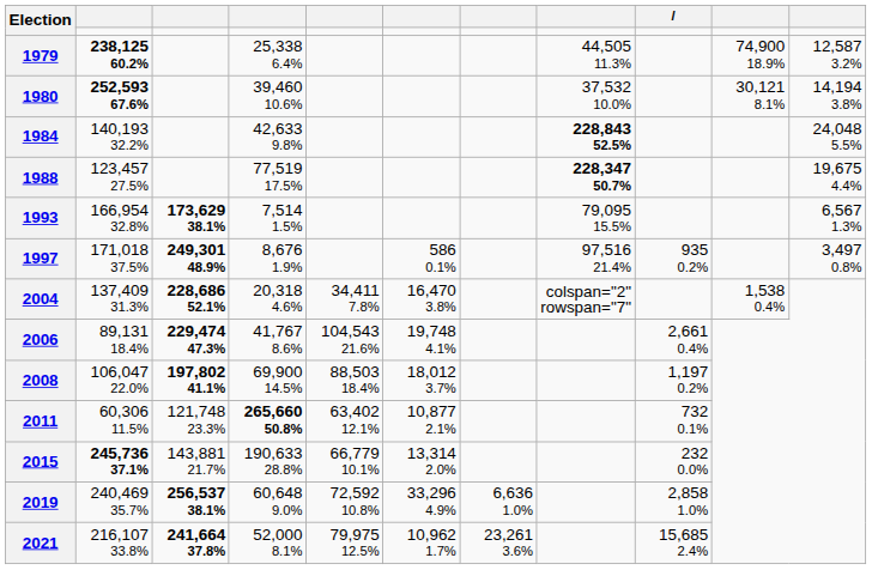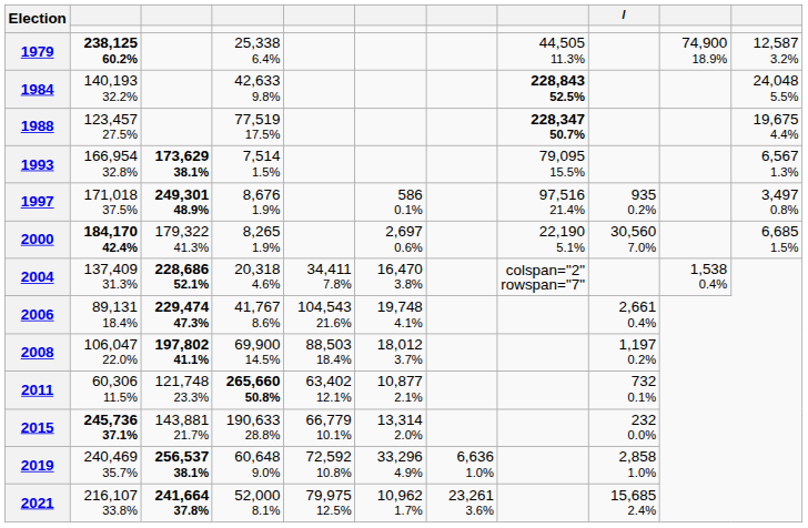 <table class="wikitable" style="text-align:right; line-height:16px">
 <tr>
 <th rowspan="2">Election</th>
 <th width="70" style="font-size:85%"></th>
 <th width="70" style="font-size:85%"></th>
 <th width="70" style="font-size:85%"></th>
 <th width="70" style="font-size:85%"></th>
 <th width="70" style="font-size:85%"></th>
 <th width="70" style="font-size:85%"></th>
 <th width="70" style="font-size:85%"></th>
 <th width="70" style="font-size:85%"> /<br></th>
 <th width="70" style="font-size:85%"></th>
 <th width="70" style="font-size:85%"></th>
 </tr>
 <tr>
 <td></td>
 <td></td>
 <td></td>
 <td></td>
 <td></td>
 <td></td>
 <td></td>
 <td></td>
 <td></td>
 <td></td>
 </tr>
 <tr>
 <th scope="row"><a href='#'>1979</a></th>
 <td><strong>238,125<br><small>60.2%</small></strong></td>
 <td></td>
 <td>25,338<br><small>6.4%</small></td>
 <td></td>
 <td></td>
 <td></td>
 <td>44,505<br><small>11.3%</small></td>
 <td></td>
 <td>74,900<br><small>18.9%</small></td>
 <td>12,587<br><small>3.2%</small></td>
-</tr>
-<tr>
-<th scope="row"><a href='#'>1980</a></th>
-<td><strong>252,593<br><small>67.6%</small></strong></td>
-<td></td>
-<td>39,460<br><small>10.6%</small></td>
-<td></td>
-<td></td>
-<td></td>
-<td>37,532<br><small>10.0%</small></td>
-<td></td>
-<td>30,121<br><small>8.1%</small></td>
-<td>14,194<br><small>3.8%</small></td>
 </tr>
 <tr>
 <th scope="row"><a href='#'>1984</a></th>
 <td>140,193<br><small>32.2%</small></td>
 <td></td>
 <td>42,633<br><small>9.8%</small></td>
 <td></td>
 <td></td>
 <td></td>
 <td><strong>228,843<br><small>52.5%</small></strong></td>
 <td></td>
 <td></td>
 <td>24,048<br><small>5.5%</small></td>
 </tr>
 <tr>
 <th scope="row"><a href='#'>1988</a></th>
 <td>123,457<br><small>27.5%</small></td>
 <td></td>
 <td>77,519<br><small>17.5%</small></td>
 <td></td>
 <td></td>
 <td></td>
 <td><strong>228,347<br><small>50.7%</small></strong></td>
 <td></td>
 <td></td>
 <td>19,675<br><small>4.4%</small></td>
 </tr>
 <tr>
 <th scope="row"><a href='#'>1993</a></th>
 <td>166,954<br><small>32.8%</small></td>
 <td><strong>173,629<br><small>38.1%</small></strong></td>
 <td>7,514<br><small>1.5%</small></td>
 <td></td>
 <td></td>
 <td></td>
 <td>79,095<br><small>15.5%</small></td>
 <td></td>
 <td></td>
 <td>6,567<br><small>1.3%</small></td>
 </tr>
 <tr>
 <th scope="row"><a href='#'>1997</a></th>
 <td>171,018<br><small>37.5%</small></td>
 <td><strong>249,301<br><small>48.9%</small></strong></td>
 <td>8,676<br><small>1.9%</small></td>
 <td></td>
 <td>586<br><small>0.1%</small></td>
 <td></td>
 <td>97,516<br><small>21.4%</small></td>
 <td>935<br><small>0.2%</small></td>
 <td></td>
 <td>3,497<br><small>0.8%</small></td>
+</tr>
+<tr>
+<th scope="row"><a href='#'>2000</a></th>
+<td><strong>184,170<br><small>42.4%</small></strong></td>
+<td>179,322<br><small>41.3%</small></td>
+<td>8,265<br><small>1.9%</small></td>
+<td></td>
+<td>2,697<br><small>0.6%</small></td>
+<td></td>
+<td>22,190<br><small>5.1%</small></td>
+<td>30,560<br><small>7.0%</small></td>
+<td></td>
+<td>6,685<br><small>1.5%</small></td>
 </tr>
 <tr>
 <th scope="row"><a href='#'>2004</a></th>
 <td>137,409<br><small>31.3%</small></td>
 <td><strong>228,686<br><small>52.1%</small></strong></td>
 <td>20,318<br><small>4.6%</small></td>
 <td>34,411<br><small>7.8%</small></td>
 <td>16,470<br><small>3.8%</small></td>
 <td></td>
 <td>colspan="2" rowspan="7" </td>
 <td></td>
 <td>1,538<br><small>0.4%</small></td>
 </tr>
 <tr>
 <th scope="row"><a href='#'>2006</a></th>
 <td>89,131<br><small>18.4%</small></td>
 <td><strong>229,474<br><small>47.3%</small></strong></td>
 <td>41,767<br><small>8.6%</small></td>
 <td>104,543<br><small>21.6%</small></td>
 <td>19,748<br><small>4.1%</small></td>
 <td></td>
 <td></td>
 <td>2,661<br><small>0.4%</small></td>
 </tr>
 <tr>
 <th scope="row"><a href='#'>2008</a></th>
 <td>106,047<br><small>22.0%</small></td>
 <td><strong>197,802<br><small>41.1%</small></strong></td>
 <td>69,900<br><small>14.5%</small></td>
 <td>88,503<br><small>18.4%</small></td>
 <td>18,012<br><small>3.7%</small></td>
 <td></td>
 <td></td>
 <td>1,197<br><small>0.2%</small></td>
 </tr>
 <tr>
 <th scope="row"><a href='#'>2011</a></th>
 <td>60,306<br><small>11.5%</small></td>
 <td>121,748<br><small>23.3%</small></td>
 <td><strong>265,660<br><small>50.8%</small></strong></td>
 <td>63,402<br><small>12.1%</small></td>
 <td>10,877<br><small>2.1%</small></td>
 <td></td>
 <td></td>
 <td>732<br><small>0.1%</small></td>
 </tr>
 <tr>
 <th scope="row"><a href='#'>2015</a></th>
 <td><strong>245,736<br><small>37.1%</small></strong></td>
 <td>143,881<br><small>21.7%</small></td>
 <td>190,633<br><small>28.8%</small></td>
 <td>66,779<br><small>10.1%</small></td>
 <td>13,314<br><small>2.0%</small></td>
 <td></td>
 <td></td>
 <td>232<br><small>0.0%</small></td>
 </tr>
 <tr>
 <th scope="row"><a href='#'>2019</a></th>
 <td>240,469<br><small>35.7%</small></td>
 <td><strong>256,537<br><small>38.1%</small></strong></td>
 <td>60,648<br><small>9.0%</small></td>
 <td>72,592<br><small>10.8%</small></td>
 <td>33,296<br><small>4.9%</small></td>
 <td>6,636<br><small>1.0%</small></td>
 <td></td>
 <td>2,858<br><small>1.0%</small></td>
 </tr>
 <tr>
 <th scope="row"><a href='#'>2021</a></th>
 <td>216,107<br><small>33.8%</small></td>
 <td><strong>241,664<br><small>37.8%</small></strong></td>
 <td>52,000<br><small>8.1%</small></td>
 <td>79,975<br><small>12.5%</small></td>
 <td>10,962<br><small>1.7%</small></td>
 <td>23,261<br><small>3.6%</small></td>
 <td></td>
 <td>15,685<br><small>2.4%</small></td>
 </tr>
 </table>
